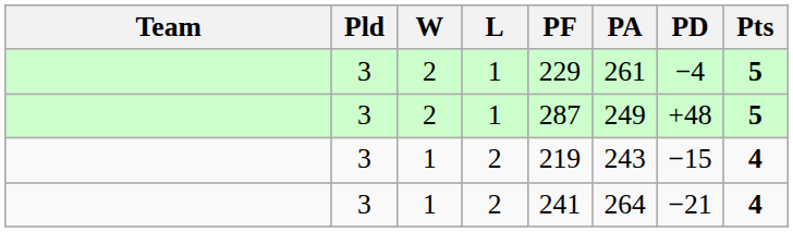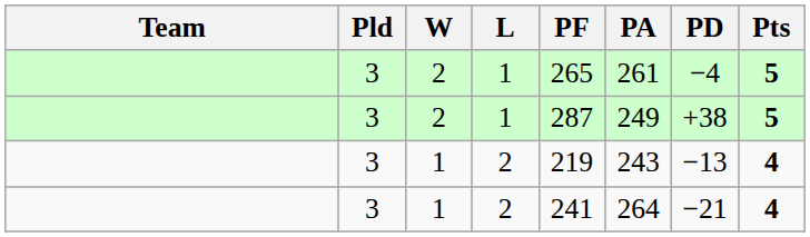 <table class=wikitable style="text-align:center">
 <tr>
 <th width=180>Team</th>
 <th width=30>Pld</th>
 <th width=30>W</th>
 <th width=30>L</th>
 <th width=30>PF</th>
 <th width=30>PA</th>
 <th width=30>PD</th>
 <th width=30>Pts</th>
 </tr>
 <tr align=center bgcolor="#ccffcc">
 <td align=left></td>
 <td>3</td>
 <td>2</td>
 <td>1</td>
-<td>229</td>
+<td>265</td>
 <td>261</td>
 <td>−4</td>
 <td><strong>5</strong></td>
 </tr>
 <tr align=center bgcolor="#ccffcc">
 <td align=left></td>
 <td>3</td>
 <td>2</td>
 <td>1</td>
 <td>287</td>
 <td>249</td>
-<td>+48</td>
+<td>+38</td>
 <td><strong>5</strong></td>
 </tr>
 <tr align=center>
 <td align=left></td>
 <td>3</td>
 <td>1</td>
 <td>2</td>
 <td>219</td>
 <td>243</td>
-<td>−15</td>
+<td>−13</td>
 <td><strong>4</strong></td>
 </tr>
 <tr align=center>
 <td align=left></td>
 <td>3</td>
 <td>1</td>
 <td>2</td>
 <td>241</td>
 <td>264</td>
 <td>−21</td>
 <td><strong>4</strong></td>
 </tr>
 </table>
